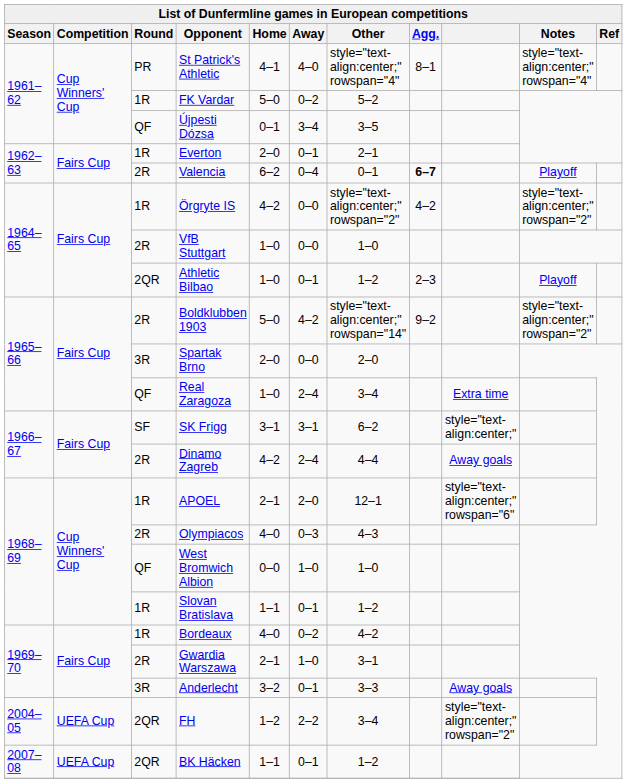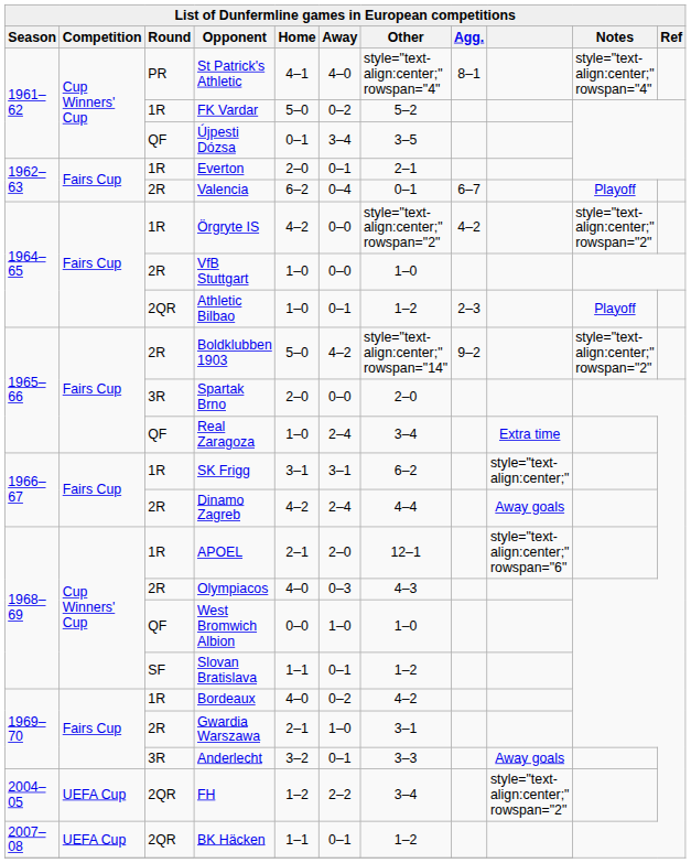 <table class="sortable plainrowheaders wikitable" width="65%" style="text-align: left;">
 <tr>
 <th style="background:#EFEFEF;" colspan=17>List of Dunfermline games in European competitions</th>
 </tr>
 <tr>
 <th>Season</th>
 <th>Competition</th>
 <th>Round</th>
 <th>Opponent</th>
 <th>Home</th>
 <th>Away</th>
 <th>Other</th>
 <th><a href='#'>Agg.</a></th>
 <th scope="col" width=15></th>
 <th class="unsortable">Notes</th>
 <th class="unsortable">Ref</th>
 </tr>
 <tr>
 <td rowspan=3><a href='#'>1961–62</a></td>
 <td rowspan=3><a href='#'>Cup Winners' Cup</a></td>
 <td>PR</td>
 <td> <a href='#'>St Patrick's Athletic</a></td>
 <td align="center">4–1</td>
 <td align="center">4–0</td>
 <td>style="text-align:center;" rowspan="4" </td>
 <td align="center">8–1</td>
 <td style="text-align:center;"></td>
 <td>style="text-align:center;" rowspan="4" </td>
 <td></td>
 </tr>
 <tr>
 <td>1R</td>
 <td> <a href='#'>FK Vardar</a></td>
 <td align="center">5–0</td>
 <td align="center">0–2</td>
 <td align="center">5–2</td>
 <td style="text-align:center;"></td>
 <td></td>
 </tr>
 <tr>
 <td>QF</td>
 <td> <a href='#'>Újpesti Dózsa</a></td>
 <td align="center">0–1</td>
 <td align="center">3–4</td>
 <td align="center">3–5</td>
 <td style="text-align:center;"></td>
 <td></td>
 </tr>
 <tr>
 <td rowspan=2><a href='#'>1962–63</a></td>
 <td rowspan=2><a href='#'>Fairs Cup</a></td>
 <td>1R</td>
 <td> <a href='#'>Everton</a></td>
 <td align="center">2–0</td>
 <td align="center">0–1</td>
 <td align="center">2–1</td>
 <td style="text-align:center;"></td>
 <td></td>
 </tr>
 <tr>
 <td>2R</td>
 <td> <a href='#'>Valencia</a></td>
 <td align="center">6–2</td>
 <td align="center">0–4</td>
 <td align="center">0–1</td>
-<td align="center"><strong>6–7</strong></td>
+<td align="center">6–7</td>
 <td style="text-align:center;"></td>
 <td style="text-align:center;"><a href='#'>Playoff</a></td>
 <td></td>
 </tr>
 <tr>
 <td rowspan=3><a href='#'>1964–65</a></td>
 <td rowspan=3><a href='#'>Fairs Cup</a></td>
 <td>1R</td>
 <td> <a href='#'>Örgryte IS</a></td>
 <td align="center">4–2</td>
 <td align="center">0–0</td>
 <td>style="text-align:center;" rowspan="2" </td>
 <td align="center">4–2</td>
 <td style="text-align:center;"></td>
 <td>style="text-align:center;" rowspan="2" </td>
 <td></td>
 </tr>
 <tr>
 <td>2R</td>
 <td> <a href='#'>VfB Stuttgart</a></td>
 <td align="center">1–0</td>
 <td align="center">0–0</td>
 <td align="center">1–0</td>
 <td style="text-align:center;"></td>
 <td></td>
 </tr>
 <tr>
 <td>2QR</td>
 <td> <a href='#'>Athletic Bilbao</a></td>
 <td align="center">1–0</td>
 <td align="center">0–1</td>
 <td align="center">1–2</td>
 <td align="center">2–3</td>
 <td style="text-align:center;"></td>
 <td style="text-align:center;"><a href='#'>Playoff</a></td>
 <td></td>
 </tr>
 <tr>
 <td rowspan=3><a href='#'>1965–66</a></td>
 <td rowspan=3><a href='#'>Fairs Cup</a></td>
 <td>2R</td>
 <td> <a href='#'>Boldklubben 1903</a></td>
 <td align="center">5–0</td>
 <td align="center">4–2</td>
 <td>style="text-align:center;" rowspan="14" </td>
 <td align="center">9–2</td>
 <td style="text-align:center;"></td>
 <td>style="text-align:center;" rowspan="2" </td>
 <td></td>
 </tr>
 <tr>
 <td>3R</td>
 <td> <a href='#'>Spartak Brno</a></td>
 <td align="center">2–0</td>
 <td align="center">0–0</td>
 <td align="center">2–0</td>
 <td style="text-align:center;"></td>
 <td></td>
 </tr>
 <tr>
 <td>QF</td>
 <td> <a href='#'>Real Zaragoza</a></td>
 <td align="center">1–0</td>
 <td align="center">2–4</td>
 <td align="center">3–4</td>
 <td style="text-align:center;"></td>
 <td style="text-align:center;"><a href='#'>Extra time</a></td>
 <td></td>
 </tr>
 <tr>
 <td rowspan=2><a href='#'>1966–67</a></td>
 <td rowspan=2><a href='#'>Fairs Cup</a></td>
-<td>SF</td>
+<td>1R</td>
 <td> <a href='#'>SK Frigg</a></td>
 <td align="center">3–1</td>
 <td align="center">3–1</td>
 <td align="center">6–2</td>
 <td style="text-align:center;"></td>
 <td>style="text-align:center;" </td>
 <td></td>
 </tr>
 <tr>
 <td>2R</td>
 <td> <a href='#'>Dinamo Zagreb</a></td>
 <td align="center">4–2</td>
 <td align="center">2–4</td>
 <td align="center">4–4</td>
 <td style="text-align:center;"></td>
 <td style="text-align:center;"><a href='#'>Away goals</a></td>
 <td></td>
 </tr>
 <tr>
 <td rowspan=4><a href='#'>1968–69</a></td>
 <td rowspan=4><a href='#'>Cup Winners' Cup</a></td>
 <td>1R</td>
 <td> <a href='#'>APOEL</a></td>
 <td align="center">2–1</td>
 <td align="center">2–0</td>
 <td align="center">12–1</td>
 <td style="text-align:center;"></td>
 <td>style="text-align:center;" rowspan="6" </td>
 <td></td>
 </tr>
 <tr>
 <td>2R</td>
 <td> <a href='#'>Olympiacos</a></td>
 <td align="center">4–0</td>
 <td align="center">0–3</td>
 <td align="center">4–3</td>
 <td style="text-align:center;"></td>
 <td></td>
 </tr>
 <tr>
 <td>QF</td>
 <td> <a href='#'>West Bromwich Albion</a></td>
 <td align="center">0–0</td>
 <td align="center">1–0</td>
 <td align="center">1–0</td>
 <td style="text-align:center;"></td>
 <td></td>
 </tr>
 <tr>
-<td>1R</td>
+<td>SF</td>
 <td> <a href='#'>Slovan Bratislava</a></td>
 <td align="center">1–1</td>
 <td align="center">0–1</td>
 <td align="center">1–2</td>
 <td style="text-align:center;"></td>
 <td></td>
 </tr>
 <tr>
 <td rowspan=3><a href='#'>1969–70</a></td>
 <td rowspan=3><a href='#'>Fairs Cup</a></td>
 <td>1R</td>
 <td> <a href='#'>Bordeaux</a></td>
 <td align="center">4–0</td>
 <td align="center">0–2</td>
 <td align="center">4–2</td>
 <td style="text-align:center;"></td>
 <td></td>
 </tr>
 <tr>
 <td>2R</td>
 <td> <a href='#'>Gwardia Warszawa</a></td>
 <td align="center">2–1</td>
 <td align="center">1–0</td>
 <td align="center">3–1</td>
 <td style="text-align:center;"></td>
 <td></td>
 </tr>
 <tr>
 <td>3R</td>
 <td> <a href='#'>Anderlecht</a></td>
 <td align="center">3–2</td>
 <td align="center">0–1</td>
 <td align="center">3–3</td>
 <td style="text-align:center;"></td>
 <td style="text-align:center;"><a href='#'>Away goals</a></td>
 <td></td>
 </tr>
 <tr>
 <td><a href='#'>2004–05</a></td>
 <td><a href='#'>UEFA Cup</a></td>
 <td>2QR</td>
 <td> <a href='#'>FH</a></td>
 <td align="center">1–2</td>
 <td align="center">2–2</td>
 <td align="center">3–4</td>
 <td style="text-align:center;"></td>
 <td>style="text-align:center;" rowspan="2" </td>
 <td></td>
 </tr>
 <tr>
 <td><a href='#'>2007–08</a></td>
 <td><a href='#'>UEFA Cup</a></td>
 <td>2QR</td>
 <td> <a href='#'>BK Häcken</a></td>
 <td align="center">1–1</td>
 <td align="center">0–1</td>
 <td align="center">1–2</td>
 <td style="text-align:center;"></td>
 <td></td>
 </tr>
 <tr>
 </tr>
 </table>
